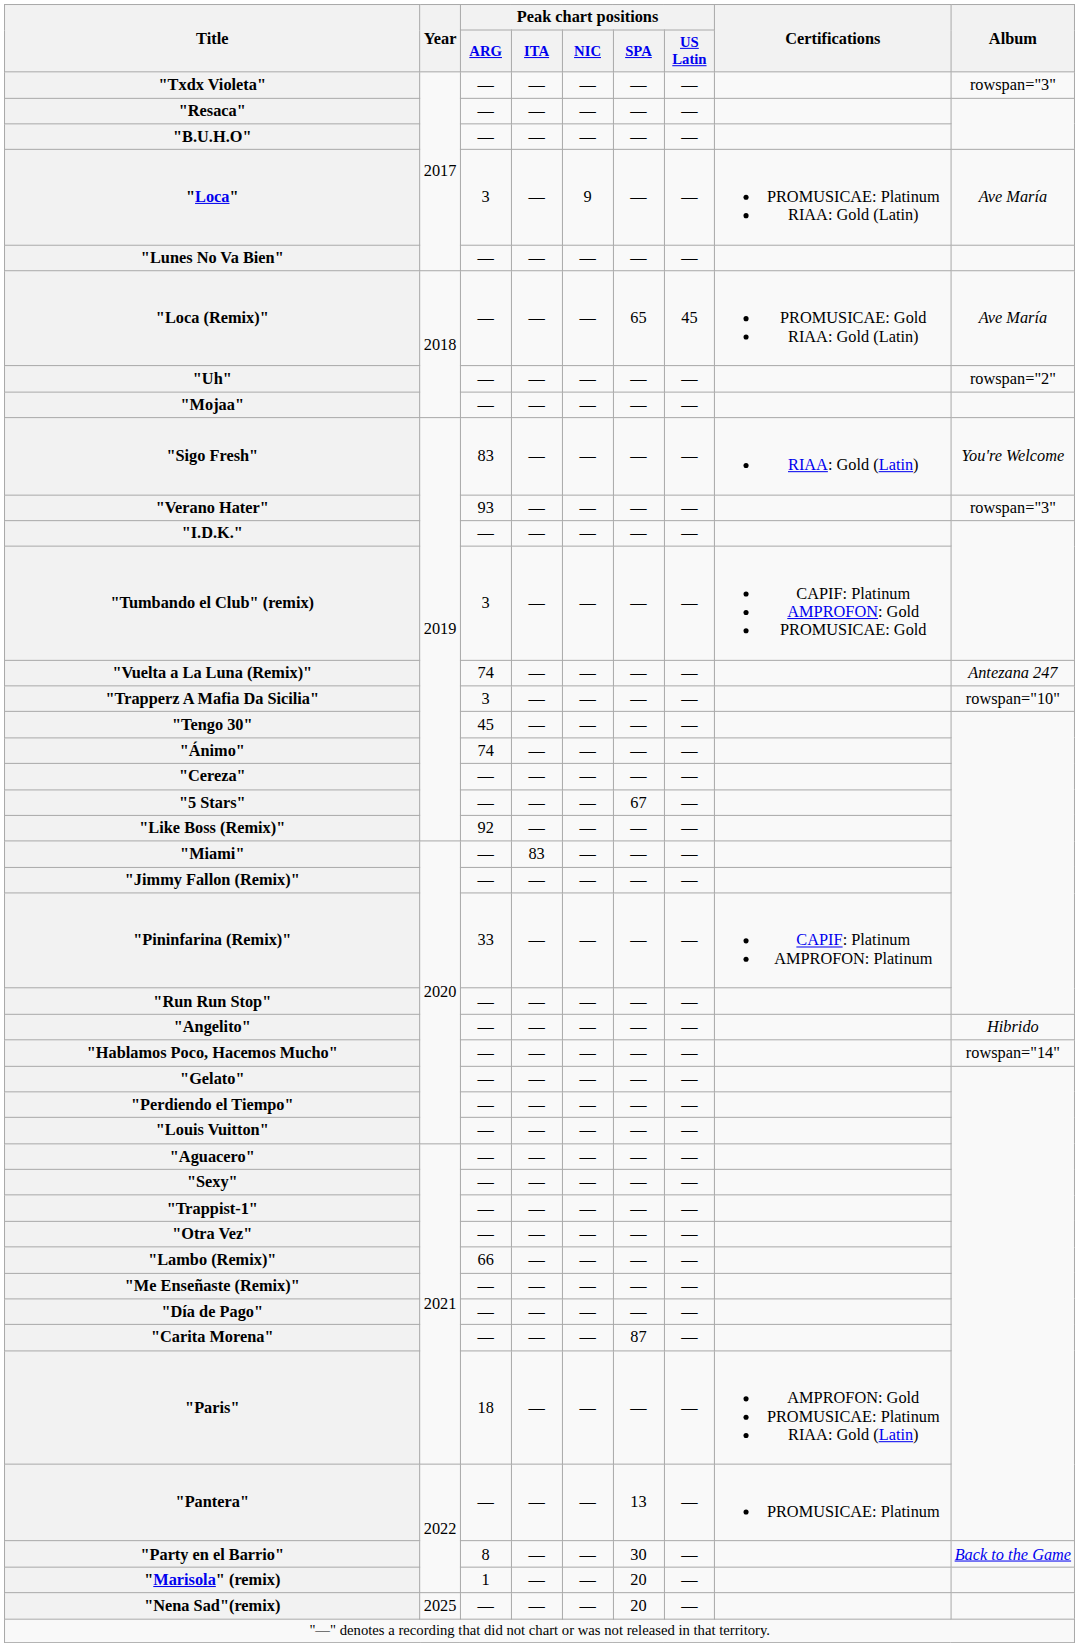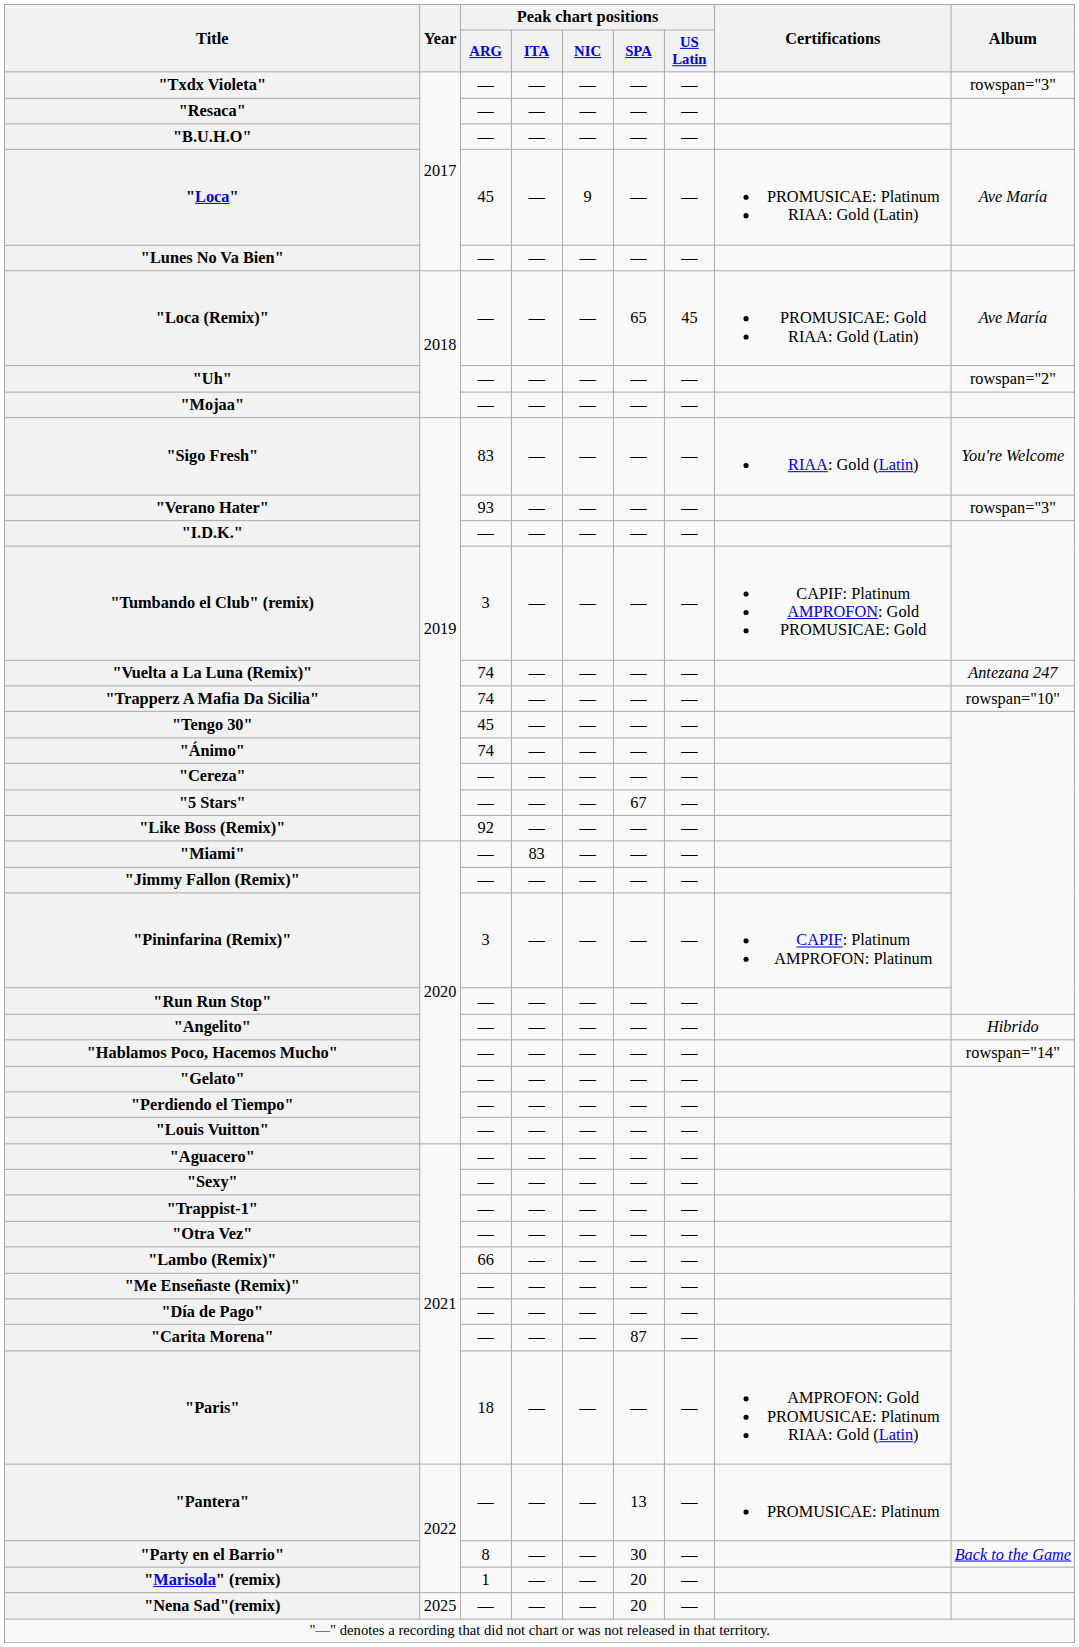 <table class="wikitable plainrowheaders" style="text-align:center;">
 <tr>
 <th scope="col" rowspan="2" style="width:25em;">Title</th>
 <th scope="col" rowspan="2">Year</th>
 <th scope="col" colspan="5">Peak chart positions</th>
 <th scope="col" rowspan="2" style="width:14em;">Certifications</th>
 <th scope="col" rowspan="2">Album</th>
 </tr>
 <tr>
 <th scope="col" style="width:3em;font-size:90%;"><a href='#'>ARG</a><br></th>
 <th scope="col" style="width:3em;font-size:90%;"><a href='#'>ITA</a><br></th>
 <th scope="col" style="width:3em;font-size:90%;"><a href='#'>NIC</a><br></th>
 <th scope="col" style="width:3em;font-size:90%;"><a href='#'>SPA</a><br></th>
 <th scope="col" style="width:3em;font-size:90%;"><a href='#'>US<br>Latin</a><br></th>
 </tr>
 <tr>
 <th scope="row">"Txdx Violeta"<br></th>
 <td rowspan="5">2017</td>
 <td>—</td>
 <td>—</td>
 <td>—</td>
 <td>—</td>
 <td>—</td>
 <td></td>
 <td>rowspan="3" </td>
 </tr>
 <tr>
 <th scope="row">"Resaca"<br></th>
 <td>—</td>
 <td>—</td>
 <td>—</td>
 <td>—</td>
 <td>—</td>
 <td></td>
 </tr>
 <tr>
 <th scope="row">"B.U.H.O"<br></th>
 <td>—</td>
 <td>—</td>
 <td>—</td>
 <td>—</td>
 <td>—</td>
 <td></td>
 </tr>
 <tr>
 <th scope="row">"<a href='#'>Loca</a>"<br></th>
-<td>3</td>
+<td>45</td>
 <td>—</td>
 <td>9</td>
 <td>—</td>
 <td>—</td>
 <td><br><ul><li>PROMUSICAE: Platinum</li><li>RIAA: Gold <span>(Latin)</span></li></ul></td>
 <td><em>Ave María</em></td>
 </tr>
 <tr>
 <th scope="row">"Lunes No Va Bien"<br></th>
 <td>—</td>
 <td>—</td>
 <td>—</td>
 <td>—</td>
 <td>—</td>
 <td></td>
 <td></td>
 </tr>
 <tr>
 <th scope="row">"Loca (Remix)"<br></th>
 <td rowspan="3">2018</td>
 <td>—</td>
 <td>—</td>
 <td>—</td>
 <td>65</td>
 <td>45</td>
 <td><br><ul><li>PROMUSICAE: Gold</li><li>RIAA: Gold <span>(Latin)</span></li></ul></td>
 <td><em>Ave María</em></td>
 </tr>
 <tr>
 <th scope="row">"Uh"<br></th>
 <td>—</td>
 <td>—</td>
 <td>—</td>
 <td>—</td>
 <td>—</td>
 <td></td>
 <td>rowspan="2" </td>
 </tr>
 <tr>
 <th scope="row">"Mojaa"<br></th>
 <td>—</td>
 <td>—</td>
 <td>—</td>
 <td>—</td>
 <td>—</td>
 <td></td>
 </tr>
 <tr>
 <th scope="row">"Sigo Fresh"<br></th>
 <td rowspan="11">2019</td>
 <td>83</td>
 <td>—</td>
 <td>—</td>
 <td>—</td>
 <td>—</td>
 <td><br><ul><li><a href='#'>RIAA</a>: Gold <span>(<a href='#'>Latin</a>)</span></li></ul></td>
 <td><em>You're Welcome</em></td>
 </tr>
 <tr>
 <th scope="row">"Verano Hater"<br></th>
 <td>93</td>
 <td>—</td>
 <td>—</td>
 <td>—</td>
 <td>—</td>
 <td></td>
 <td>rowspan="3" </td>
 </tr>
 <tr>
 <th scope="row">"I.D.K."<br></th>
 <td>—</td>
 <td>—</td>
 <td>—</td>
 <td>—</td>
 <td>—</td>
 <td></td>
 </tr>
 <tr>
 <th scope="row">"Tumbando el Club" (remix)<br></th>
 <td>3</td>
 <td>—</td>
 <td>—</td>
 <td>—</td>
 <td>—</td>
 <td><br><ul><li>CAPIF: Platinum</li><li><a href='#'>AMPROFON</a>: Gold</li><li>PROMUSICAE: Gold</li></ul></td>
 </tr>
 <tr>
 <th scope="row">"Vuelta a La Luna (Remix)"<br></th>
 <td>74</td>
 <td>—</td>
 <td>—</td>
 <td>—</td>
 <td>—</td>
 <td></td>
 <td><em>Antezana 247</em></td>
 </tr>
 <tr>
 <th scope="row">"Trapperz A Mafia Da Sicilia"<br></th>
-<td>3</td>
+<td>74</td>
 <td>—</td>
 <td>—</td>
 <td>—</td>
 <td>—</td>
 <td></td>
 <td>rowspan="10" </td>
 </tr>
 <tr>
 <th scope="row">"Tengo 30"<br></th>
 <td>45</td>
 <td>—</td>
 <td>—</td>
 <td>—</td>
 <td>—</td>
 <td></td>
 </tr>
 <tr>
 <th scope="row">"Ánimo"<br></th>
 <td>74</td>
 <td>—</td>
 <td>—</td>
 <td>—</td>
 <td>—</td>
 <td></td>
 </tr>
 <tr>
 <th scope="row">"Cereza"<br></th>
 <td>—</td>
 <td>—</td>
 <td>—</td>
 <td>—</td>
 <td>—</td>
 <td></td>
 </tr>
 <tr>
 <th scope="row">"5 Stars"<br></th>
 <td>—</td>
 <td>—</td>
 <td>—</td>
 <td>67</td>
 <td>—</td>
 <td></td>
 </tr>
 <tr>
 <th scope="row">"Like Boss (Remix)"<br></th>
 <td>92</td>
 <td>—</td>
 <td>—</td>
 <td>—</td>
 <td>—</td>
 <td></td>
 </tr>
 <tr>
 <th scope="row">"Miami"<br></th>
 <td rowspan="9">2020</td>
 <td>—</td>
 <td>83</td>
 <td>—</td>
 <td>—</td>
 <td>—</td>
 <td></td>
 </tr>
 <tr>
 <th scope="row">"Jimmy Fallon (Remix)"<br></th>
 <td>—</td>
 <td>—</td>
 <td>—</td>
 <td>—</td>
 <td>—</td>
 <td></td>
 </tr>
 <tr>
 <th scope="row">"Pininfarina (Remix)"<br></th>
-<td>33</td>
+<td>3</td>
 <td>—</td>
 <td>—</td>
 <td>—</td>
 <td>—</td>
 <td><br><ul><li><a href='#'>CAPIF</a>: Platinum</li><li>AMPROFON: Platinum</li></ul></td>
 </tr>
 <tr>
 <th scope="row">"Run Run Stop"<br></th>
 <td>—</td>
 <td>—</td>
 <td>—</td>
 <td>—</td>
 <td>—</td>
 <td></td>
 </tr>
 <tr>
 <th scope="row">"Angelito"<br></th>
 <td>—</td>
 <td>—</td>
 <td>—</td>
 <td>—</td>
 <td>—</td>
 <td></td>
 <td><em>Hibrido</em></td>
 </tr>
 <tr>
 <th scope="row">"Hablamos Poco, Hacemos Mucho"<br></th>
 <td>—</td>
 <td>—</td>
 <td>—</td>
 <td>—</td>
 <td>—</td>
 <td></td>
 <td>rowspan="14" </td>
 </tr>
 <tr>
 <th scope="row">"Gelato"<br></th>
 <td>—</td>
 <td>—</td>
 <td>—</td>
 <td>—</td>
 <td>—</td>
 <td></td>
 </tr>
 <tr>
 <th scope="row">"Perdiendo el Tiempo"<br></th>
 <td>—</td>
 <td>—</td>
 <td>—</td>
 <td>—</td>
 <td>—</td>
 <td></td>
 </tr>
 <tr>
 <th scope="row">"Louis Vuitton"<br></th>
 <td>—</td>
 <td>—</td>
 <td>—</td>
 <td>—</td>
 <td>—</td>
 <td></td>
 </tr>
 <tr>
 <th scope="row">"Aguacero"<br></th>
 <td rowspan="9">2021</td>
 <td>—</td>
 <td>—</td>
 <td>—</td>
 <td>—</td>
 <td>—</td>
 <td></td>
 </tr>
 <tr>
 <th scope="row">"Sexy"<br></th>
 <td>—</td>
 <td>—</td>
 <td>—</td>
 <td>—</td>
 <td>—</td>
 <td></td>
 </tr>
 <tr>
 <th scope="row">"Trappist-1"<br></th>
 <td>—</td>
 <td>—</td>
 <td>—</td>
 <td>—</td>
 <td>—</td>
 <td></td>
 </tr>
 <tr>
 <th scope="row">"Otra Vez"<br></th>
 <td>—</td>
 <td>—</td>
 <td>—</td>
 <td>—</td>
 <td>—</td>
 <td></td>
 </tr>
 <tr>
 <th scope="row">"Lambo (Remix)"<br></th>
 <td>66</td>
 <td>—</td>
 <td>—</td>
 <td>—</td>
 <td>—</td>
 <td></td>
 </tr>
 <tr>
 <th scope="row">"Me Enseñaste (Remix)"<br></th>
 <td>—</td>
 <td>—</td>
 <td>—</td>
 <td>—</td>
 <td>—</td>
 <td></td>
 </tr>
 <tr>
 <th scope="row">"Día de Pago"<br></th>
 <td>—</td>
 <td>—</td>
 <td>—</td>
 <td>—</td>
 <td>—</td>
 <td></td>
 </tr>
 <tr>
 <th scope="row">"Carita Morena"<br></th>
 <td>—</td>
 <td>—</td>
 <td>—</td>
 <td>87</td>
 <td>—</td>
 <td></td>
 </tr>
 <tr>
 <th scope="row">"Paris"<br></th>
 <td>18</td>
 <td>—</td>
 <td>—</td>
 <td>—</td>
 <td>—</td>
 <td><br><ul><li>AMPROFON: Gold</li><li>PROMUSICAE: Platinum</li><li>RIAA: Gold <span>(<a href='#'>Latin</a>)</span></li></ul></td>
 </tr>
 <tr>
 <th scope="row">"Pantera"<br></th>
 <td rowspan="3">2022</td>
 <td>—</td>
 <td>—</td>
 <td>—</td>
 <td>13</td>
 <td>—</td>
 <td><br><ul><li>PROMUSICAE: Platinum</li></ul></td>
 </tr>
 <tr>
 <th scope="row">"Party en el Barrio" <br></th>
 <td>8</td>
 <td>—</td>
 <td>—</td>
 <td>30</td>
 <td>—</td>
 <td></td>
 <td><em><a href='#'>Back to the Game</a></em></td>
 </tr>
 <tr>
 <th scope="row">"<a href='#'>Marisola</a>" (remix)<br></th>
 <td>1</td>
 <td>—</td>
 <td>—</td>
 <td>20</td>
 <td>—</td>
 <td></td>
 <td></td>
 </tr>
 <tr>
 <th scope="row">"Nena Sad"(remix)<br></th>
 <td>2025</td>
 <td>—</td>
 <td>—</td>
 <td>—</td>
 <td>20</td>
 <td>—</td>
 <td></td>
 </tr>
 <tr>
 <td colspan="14" style="font-size:90%">"—" denotes a recording that did not chart or was not released in that territory.</td>
 </tr>
 </table>
